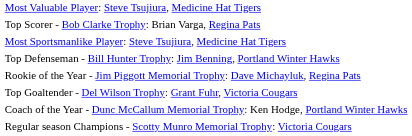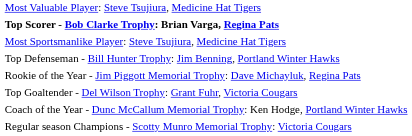 <table cellpadding="3" cellspacing="1">
 <tr>
 <td><a href='#'>Most Valuable Player</a>: <a href='#'>Steve Tsujiura</a>, <a href='#'>Medicine Hat Tigers</a></td>
 </tr>
 <tr>
-<td>Top Scorer - <a href='#'>Bob Clarke Trophy</a>: Brian Varga, <a href='#'>Regina Pats</a></td>
+<td><strong>Top Scorer - <a href='#'>Bob Clarke Trophy</a>: Brian Varga, <a href='#'>Regina Pats</a></strong></td>
 </tr>
 <tr>
 <td><a href='#'>Most Sportsmanlike Player</a>: <a href='#'>Steve Tsujiura</a>, <a href='#'>Medicine Hat Tigers</a></td>
 </tr>
 <tr>
 <td>Top Defenseman - <a href='#'>Bill Hunter Trophy</a>: <a href='#'>Jim Benning</a>, <a href='#'>Portland Winter Hawks</a></td>
 </tr>
 <tr>
 <td>Rookie of the Year - <a href='#'>Jim Piggott Memorial Trophy</a>: <a href='#'>Dave Michayluk</a>, <a href='#'>Regina Pats</a></td>
 </tr>
 <tr>
 <td>Top Goaltender - <a href='#'>Del Wilson Trophy</a>: <a href='#'>Grant Fuhr</a>, <a href='#'>Victoria Cougars</a></td>
 </tr>
 <tr>
 <td>Coach of the Year - <a href='#'>Dunc McCallum Memorial Trophy</a>: Ken Hodge, <a href='#'>Portland Winter Hawks</a></td>
 </tr>
 <tr>
 <td>Regular season Champions - <a href='#'>Scotty Munro Memorial Trophy</a>: <a href='#'>Victoria Cougars</a></td>
 </tr>
 </table>
